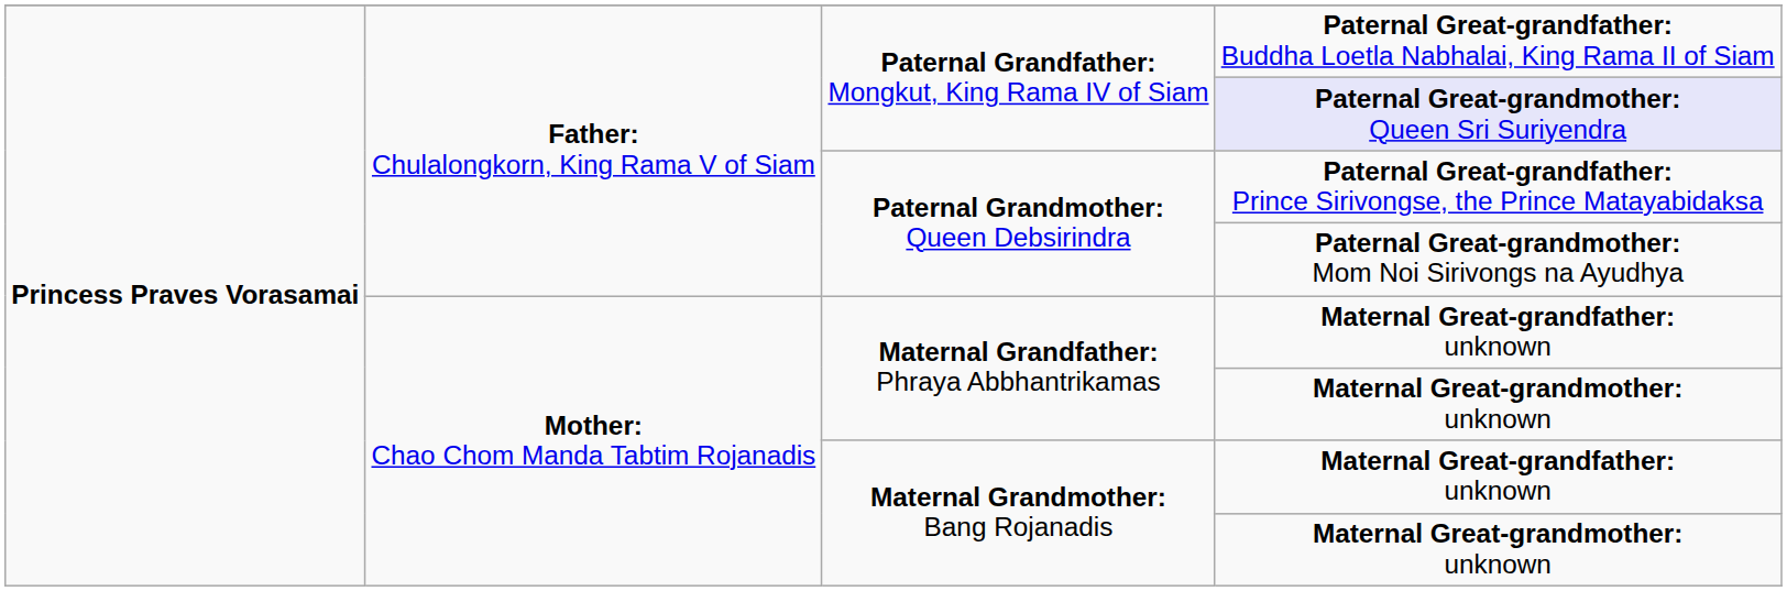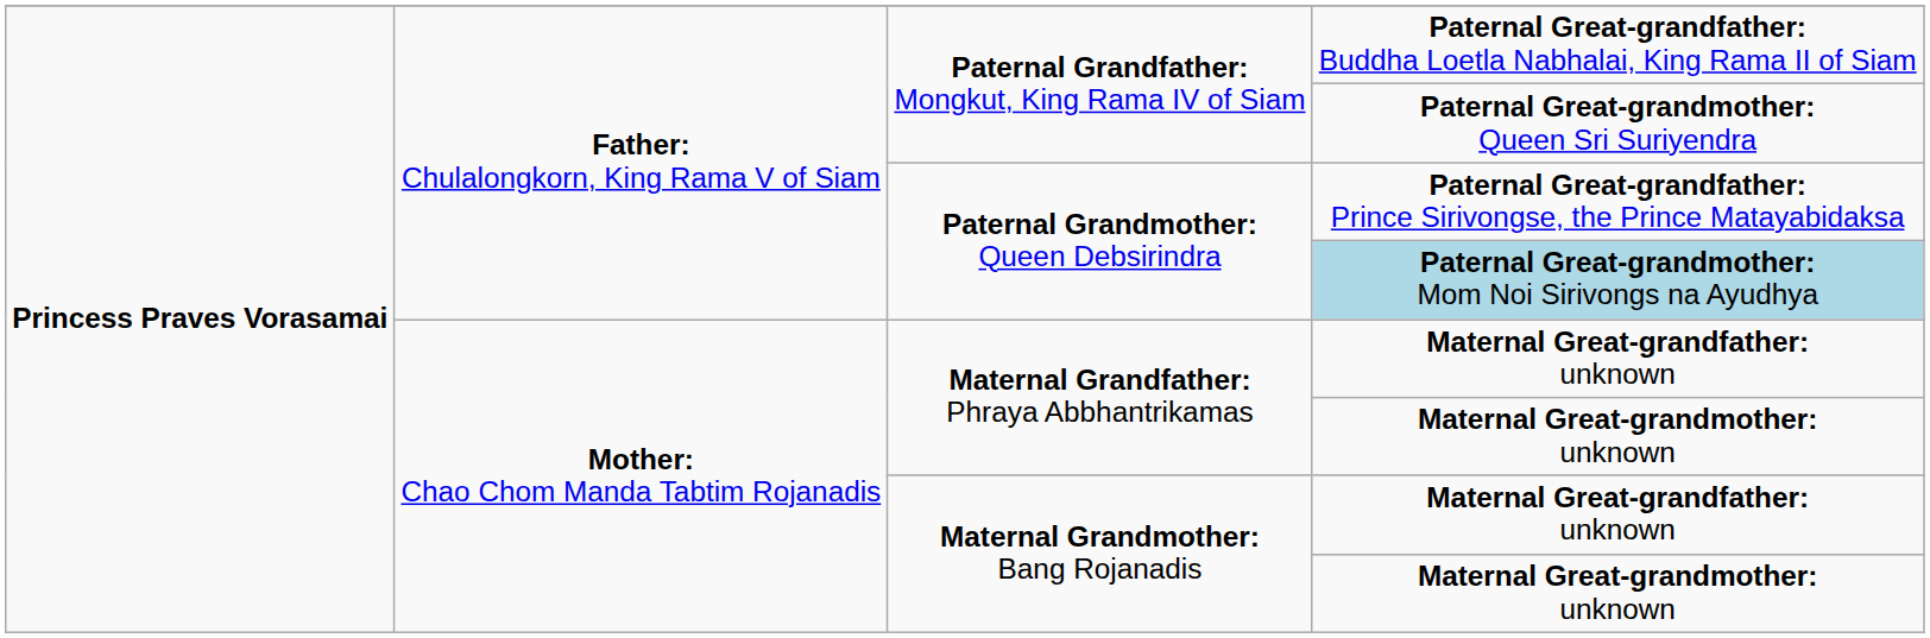 <table class="wikitable">
 <tr>
 </tr>
 <tr>
 <td rowspan="8" align="center"><strong>Princess Praves Vorasamai</strong></td>
 <td rowspan="4" align="center"><strong>Father:</strong><br><a href='#'>Chulalongkorn, King Rama V of Siam</a></td>
 <td rowspan="2" align="center"><strong>Paternal Grandfather:</strong><br><a href='#'>Mongkut, King Rama IV of Siam</a></td>
 <td align = "center"><strong>Paternal Great-grandfather:</strong><br><a href='#'>Buddha Loetla Nabhalai, King Rama II of Siam</a></td>
 </tr>
 <tr>
-<td align = "center" style="background: lavender;"><strong>Paternal Great-grandmother:</strong><br><a href='#'>Queen Sri Suriyendra</a></td>
+<td align = "center"><strong>Paternal Great-grandmother:</strong><br><a href='#'>Queen Sri Suriyendra</a></td>
 </tr>
 <tr>
 <td rowspan="2" align="center"><strong>Paternal Grandmother:</strong><br><a href='#'>Queen Debsirindra</a></td>
 <td align = "center"><strong>Paternal Great-grandfather:</strong><br><a href='#'>Prince Sirivongse, the Prince Matayabidaksa</a></td>
 </tr>
 <tr>
-<td align = "center"><strong>Paternal Great-grandmother:</strong><br>Mom Noi Sirivongs na Ayudhya</td>
+<td align = "center" style="background: lightblue;"><strong>Paternal Great-grandmother:</strong><br>Mom Noi Sirivongs na Ayudhya</td>
 </tr>
 <tr>
 <td rowspan="4" align="center"><strong>Mother:</strong><br><a href='#'>Chao Chom Manda Tabtim Rojanadis</a></td>
 <td rowspan="2" align="center"><strong>Maternal Grandfather:</strong><br>Phraya Abbhantrikamas</td>
 <td align = "center"><strong>Maternal Great-grandfather:</strong><br>unknown</td>
 </tr>
 <tr>
 <td align = "center"><strong>Maternal Great-grandmother:</strong><br>unknown</td>
 </tr>
 <tr>
 <td rowspan="2" align="center"><strong>Maternal Grandmother:</strong><br>Bang Rojanadis</td>
 <td align = "center"><strong>Maternal Great-grandfather:</strong><br>unknown</td>
 </tr>
 <tr>
 <td align = "center"><strong>Maternal Great-grandmother:</strong><br>unknown</td>
 </tr>
 </table>
